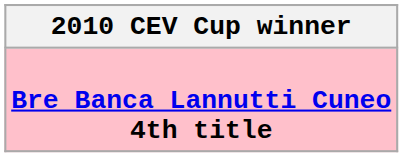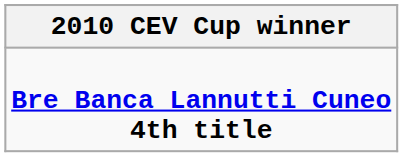 <table class=wikitable style="text-align:center; margin:auto">
 <tr>
 <th>2010 CEV Cup winner</th>
 </tr>
 <tr>
-<td style="background: pink;"><br><strong><a href='#'>Bre Banca Lannutti Cuneo</a></strong><br> <strong>4th title</strong></td>
+<td><br><strong><a href='#'>Bre Banca Lannutti Cuneo</a></strong><br> <strong>4th title</strong></td>
 </tr>
 </table>
